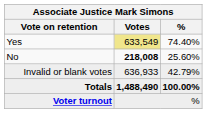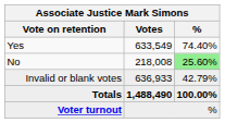 <table class="wikitable" style="font-size: 95%;">
 <tr style="background-color:#E9E9E9">
 <th colspan=7>Associate Justice Mark Simons</th>
 </tr>
 <tr style="background-color:#E9E9E9">
 <th style="width: 170px">Vote on retention</th>
 <th style="width: 50px">Votes</th>
 <th style="width: 40px">%</th>
 </tr>
 <tr>
 <td>Yes</td>
-<td align="right" style="background: khaki;">633,549</td>
+<td align="right">633,549</td>
 <td align="right">74.40%</td>
 </tr>
 <tr>
 <td>No</td>
-<td align="right"><strong>218,008</strong></td>
-<td align="right">25.60%</td>
+<td align="right">218,008</td>
+<td align="right" style="background: lightgreen;">25.60%</td>
 </tr>
 <tr bgcolor="#EEEEEE">
 <td align="right">Invalid or blank votes</td>
 <td align="right">636,933</td>
 <td align="right">42.79%</td>
 </tr>
 <tr bgcolor="#EEEEEE">
 <td align="right"><strong>Totals</strong></td>
 <td align="right"><strong>1,488,490</strong></td>
 <td align="right"><strong>100.00%</strong></td>
 </tr>
 <tr bgcolor="#EEEEEE">
 <td align="right"><strong><a href='#'>Voter turnout</a></strong></td>
 <td colspan="2" align="right">%</td>
 </tr>
 </table>
